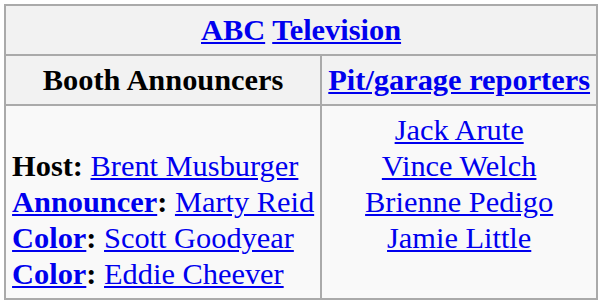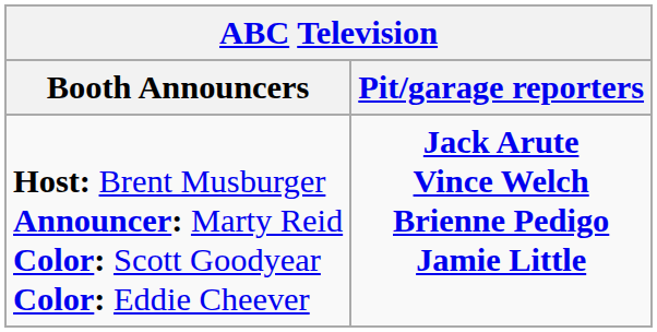 <table class="wikitable" style="font-size: 95%;">
 <tr>
 <th colspan=2><a href='#'>ABC</a> <a href='#'>Television</a></th>
 </tr>
 <tr>
 <th>Booth Announcers</th>
 <th><a href='#'>Pit/garage reporters</a></th>
 </tr>
 <tr>
 <td valign="top"><br><strong>Host:</strong> <a href='#'>Brent Musburger</a><br> <strong><a href='#'>Announcer</a>:</strong> <a href='#'>Marty Reid</a><br> <strong><a href='#'>Color</a>:</strong> <a href='#'>Scott Goodyear</a><br> <strong><a href='#'>Color</a>:</strong> <a href='#'>Eddie Cheever</a><br></td>
-<td align="center" valign="top"><a href='#'>Jack Arute</a><br><a href='#'>Vince Welch</a><br><a href='#'>Brienne Pedigo</a><br><a href='#'>Jamie Little</a></td>
+<td align="center" valign="top"><strong><a href='#'>Jack Arute</a><br><a href='#'>Vince Welch</a><br><a href='#'>Brienne Pedigo</a><br><a href='#'>Jamie Little</a></strong></td>
 </tr>
 </table>
